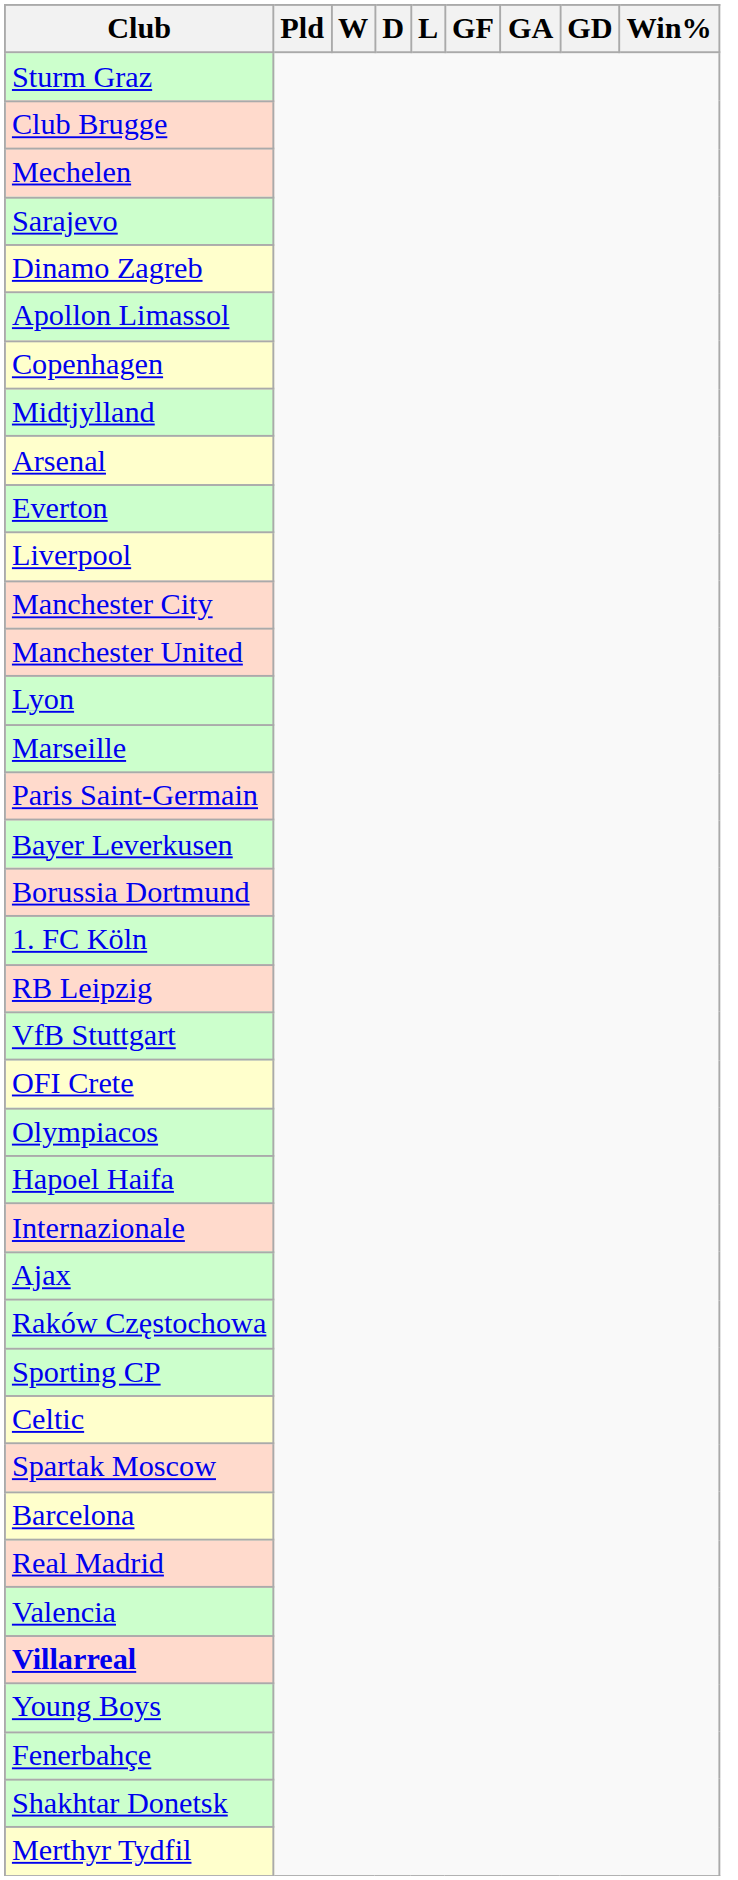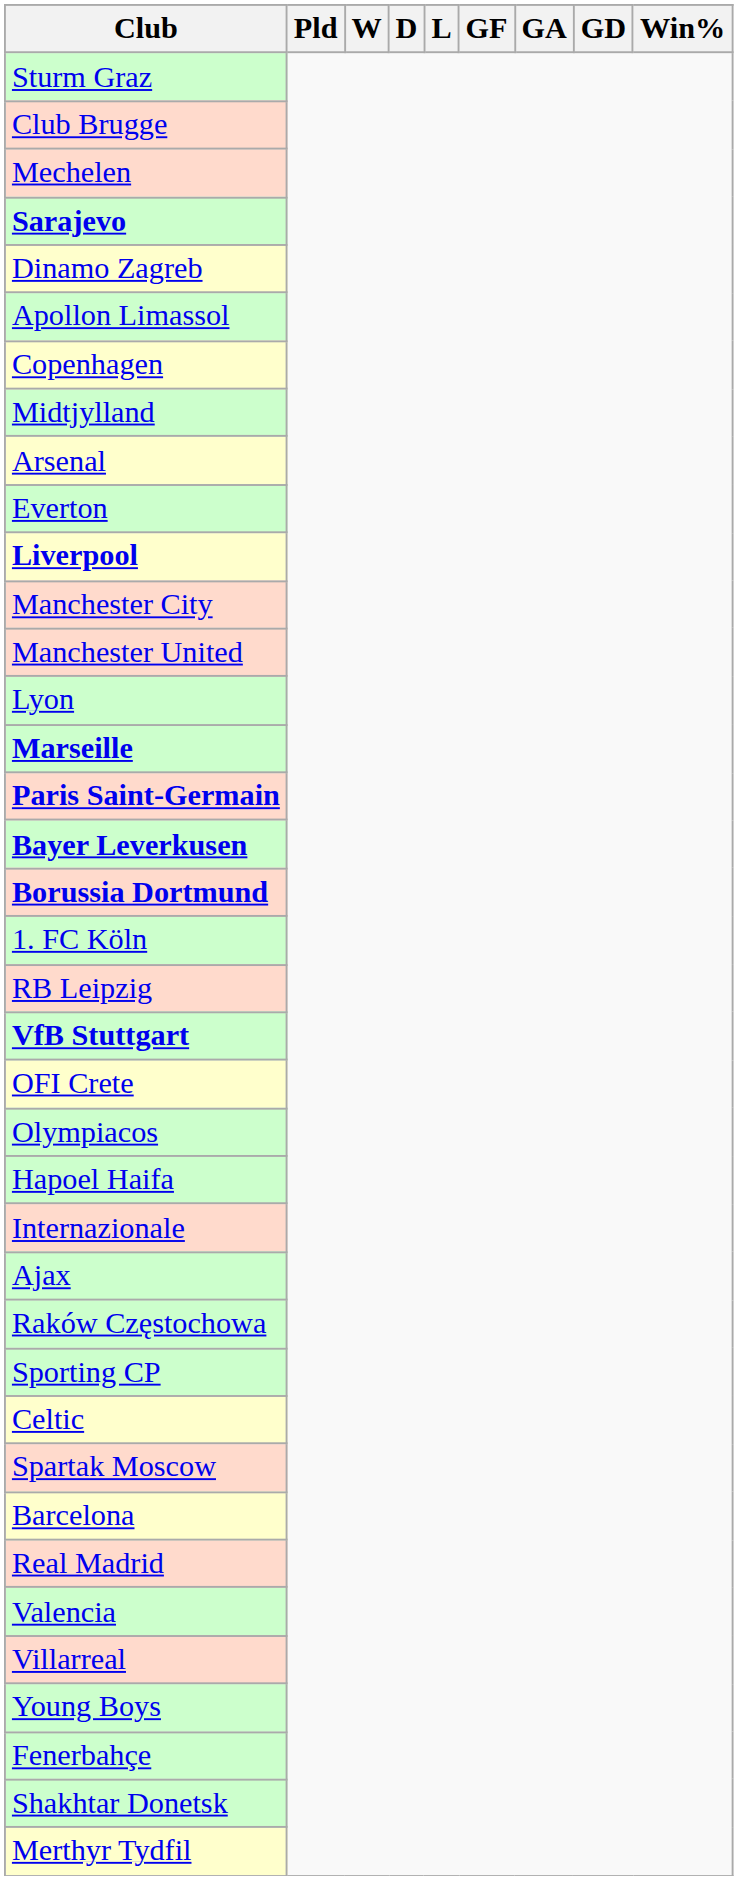 <table class="wikitable sortable plainrowheaders" style="text-align:center">
 <tr>
 <th scope="col">Club</th>
 <th scope="col">Pld</th>
 <th scope="col">W</th>
 <th scope="col">D</th>
 <th scope="col">L</th>
 <th scope="col">GF</th>
 <th scope="col">GA</th>
 <th scope="col">GD</th>
 <th scope="col">Win%</th>
 </tr>
 <tr>
 <td bgcolor=#CCFFCC align=left> <a href='#'>Sturm Graz</a><br></td>
 </tr>
 <tr>
 <td bgcolor=#FFDACC align=left> <a href='#'>Club Brugge</a><br></td>
 </tr>
 <tr>
 <td bgcolor=#FFDACC align=left> <a href='#'>Mechelen</a><br></td>
 </tr>
 <tr>
-<td bgcolor=#CCFFCC align=left> <a href='#'>Sarajevo</a><br></td>
+<td bgcolor=#CCFFCC align=left><strong> <a href='#'>Sarajevo</a><br></strong></td>
 </tr>
 <tr>
 <td bgcolor=#FFFFCC align=left> <a href='#'>Dinamo Zagreb</a><br></td>
 </tr>
 <tr>
 <td bgcolor=#CCFFCC align=left> <a href='#'>Apollon Limassol</a><br></td>
 </tr>
 <tr>
 <td bgcolor=#FFFFCC align=left> <a href='#'>Copenhagen</a><br></td>
 </tr>
 <tr>
 <td bgcolor=#CCFFCC align=left> <a href='#'>Midtjylland</a><br></td>
 </tr>
 <tr>
 <td bgcolor=#FFFFCC align=left> <a href='#'>Arsenal</a><br></td>
 </tr>
 <tr>
 <td bgcolor=#CCFFCC align=left> <a href='#'>Everton</a><br></td>
 </tr>
 <tr>
-<td bgcolor=#FFFFCC align=left> <a href='#'>Liverpool</a><br></td>
+<td bgcolor=#FFFFCC align=left><strong> <a href='#'>Liverpool</a><br></strong></td>
 </tr>
 <tr>
 <td bgcolor=#FFDACC align=left> <a href='#'>Manchester City</a><br></td>
 </tr>
 <tr>
 <td bgcolor=#FFDACC align=left> <a href='#'>Manchester United</a><br></td>
 </tr>
 <tr>
 <td bgcolor=#CCFFCC align=left> <a href='#'>Lyon</a><br></td>
 </tr>
 <tr>
-<td bgcolor=#CCFFCC align=left> <a href='#'>Marseille</a><br></td>
+<td bgcolor=#CCFFCC align=left><strong> <a href='#'>Marseille</a><br></strong></td>
 </tr>
 <tr>
-<td bgcolor=#FFDACC align=left> <a href='#'>Paris Saint-Germain</a><br></td>
+<td bgcolor=#FFDACC align=left><strong> <a href='#'>Paris Saint-Germain</a><br></strong></td>
 </tr>
 <tr>
-<td bgcolor=#CCFFCC align=left> <a href='#'>Bayer Leverkusen</a><br></td>
+<td bgcolor=#CCFFCC align=left><strong> <a href='#'>Bayer Leverkusen</a><br></strong></td>
 </tr>
 <tr>
-<td bgcolor=#FFDACC align=left> <a href='#'>Borussia Dortmund</a><br></td>
+<td bgcolor=#FFDACC align=left><strong> <a href='#'>Borussia Dortmund</a><br></strong></td>
 </tr>
 <tr>
 <td bgcolor=#CCFFCC align=left> <a href='#'>1. FC Köln</a><br></td>
 </tr>
 <tr>
 <td bgcolor=#FFDACC align=left> <a href='#'>RB Leipzig</a><br></td>
 </tr>
 <tr>
-<td bgcolor=#CCFFCC align=left> <a href='#'>VfB Stuttgart</a><br></td>
+<td bgcolor=#CCFFCC align=left><strong> <a href='#'>VfB Stuttgart</a><br></strong></td>
 </tr>
 <tr>
 <td bgcolor=#FFFFCC align=left> <a href='#'>OFI Crete</a><br></td>
 </tr>
 <tr>
 <td bgcolor=#CCFFCC align=left> <a href='#'>Olympiacos</a><br></td>
 </tr>
 <tr>
 <td bgcolor=#CCFFCC align=left> <a href='#'>Hapoel Haifa</a><br></td>
 </tr>
 <tr>
 <td bgcolor=#FFDACC align=left> <a href='#'>Internazionale</a><br></td>
 </tr>
 <tr>
 <td bgcolor=#CCFFCC align=left> <a href='#'>Ajax</a><br></td>
 </tr>
 <tr>
 <td bgcolor=#CCFFCC align=left> <a href='#'>Raków Częstochowa</a><br></td>
 </tr>
 <tr>
 <td bgcolor=#CCFFCC align=left> <a href='#'>Sporting CP</a><br></td>
 </tr>
 <tr>
 <td bgcolor=#FFFFCC align=left> <a href='#'>Celtic</a><br></td>
 </tr>
 <tr>
 <td bgcolor=#FFDACC align=left> <a href='#'>Spartak Moscow</a><br></td>
 </tr>
 <tr>
 <td bgcolor=#FFFFCC align=left> <a href='#'>Barcelona</a><br></td>
 </tr>
 <tr>
 <td bgcolor=#FFDACC align=left> <a href='#'>Real Madrid</a><br></td>
 </tr>
 <tr>
 <td bgcolor=#CCFFCC align=left> <a href='#'>Valencia</a><br></td>
 </tr>
 <tr>
-<td bgcolor=#FFDACC align=left><strong> <a href='#'>Villarreal</a><br></strong></td>
+<td bgcolor=#FFDACC align=left> <a href='#'>Villarreal</a><br></td>
 </tr>
 <tr>
 <td bgcolor=#CCFFCC align=left> <a href='#'>Young Boys</a><br></td>
 </tr>
 <tr>
 <td bgcolor=#CCFFCC align=left> <a href='#'>Fenerbahçe</a><br></td>
 </tr>
 <tr>
 <td bgcolor=#CCFFCC align=left> <a href='#'>Shakhtar Donetsk</a><br></td>
 </tr>
 <tr>
 <td bgcolor=#FFFFCC align=left> <a href='#'>Merthyr Tydfil</a><br></td>
 </tr>
 </table>
